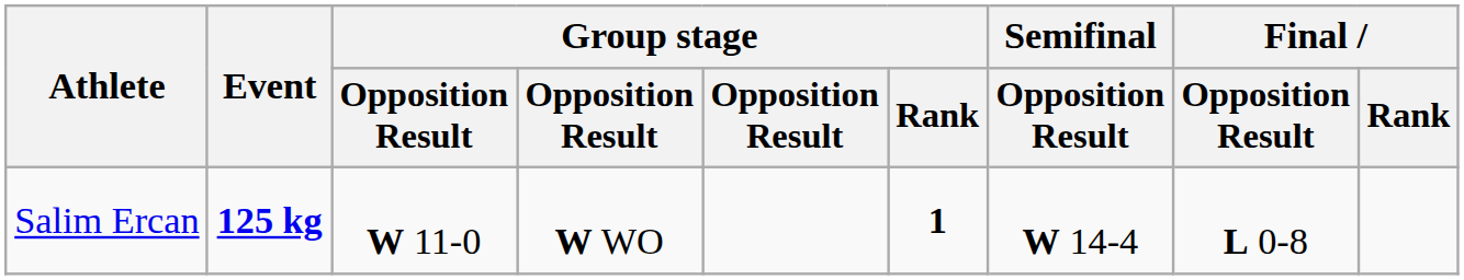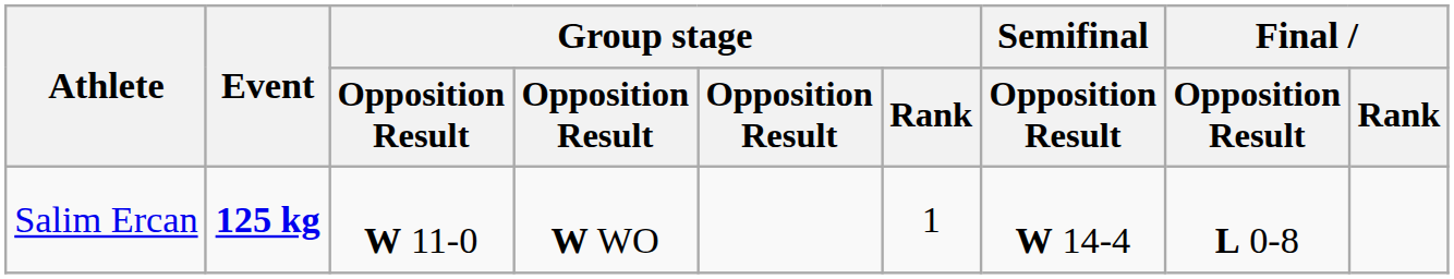 <table class=wikitable style=font-size:90%;text-align:center>
 <tr>
 <th rowspan=2>Athlete</th>
 <th rowspan=2>Event</th>
 <th colspan=4>Group stage</th>
 <th>Semifinal</th>
 <th colspan=2>Final / </th>
 </tr>
 <tr style=font-size:95%>
 <th>Opposition<br>Result</th>
 <th>Opposition<br>Result</th>
 <th>Opposition<br>Result</th>
 <th>Rank</th>
 <th>Opposition<br>Result</th>
 <th>Opposition<br>Result</th>
 <th>Rank</th>
 </tr>
 <tr>
 <td align=left><a href='#'>Salim Ercan</a></td>
 <td align=left><strong><a href='#'>125 kg</a></strong></td>
 <td><br><strong>W</strong> 11-0</td>
 <td><br><strong>W</strong> WO</td>
 <td></td>
-<td><strong>1</strong></td>
+<td>1</td>
 <td><br><strong>W</strong> 14-4</td>
 <td><br><strong>L</strong> 0-8</td>
 <td></td>
 </tr>
 </table>
